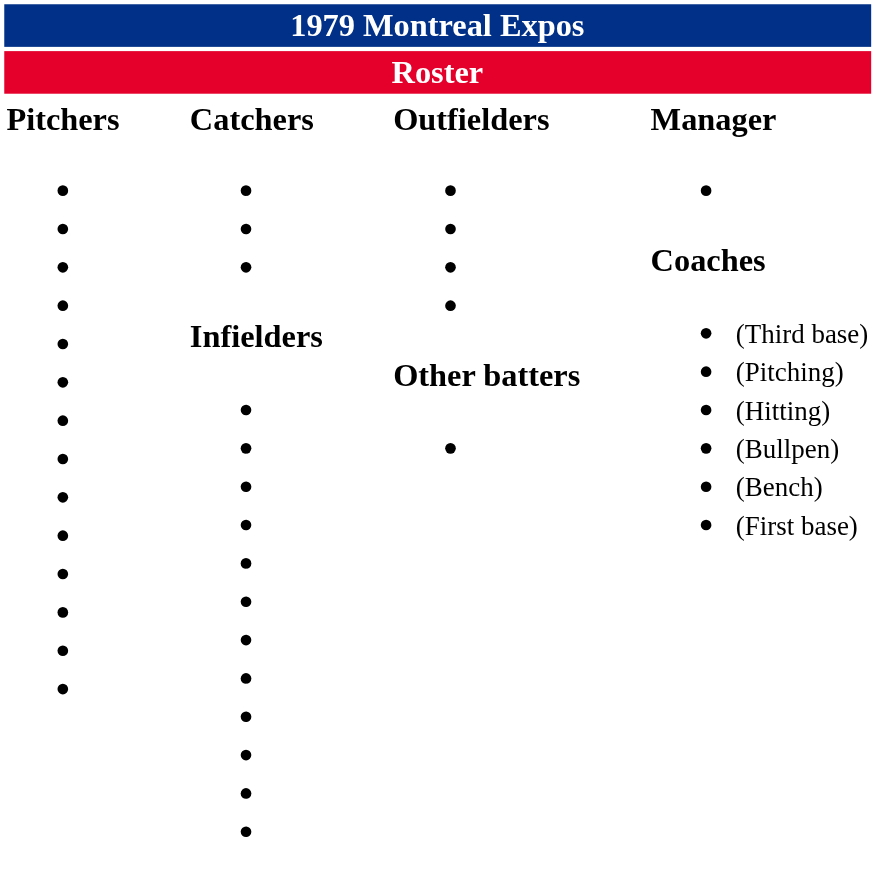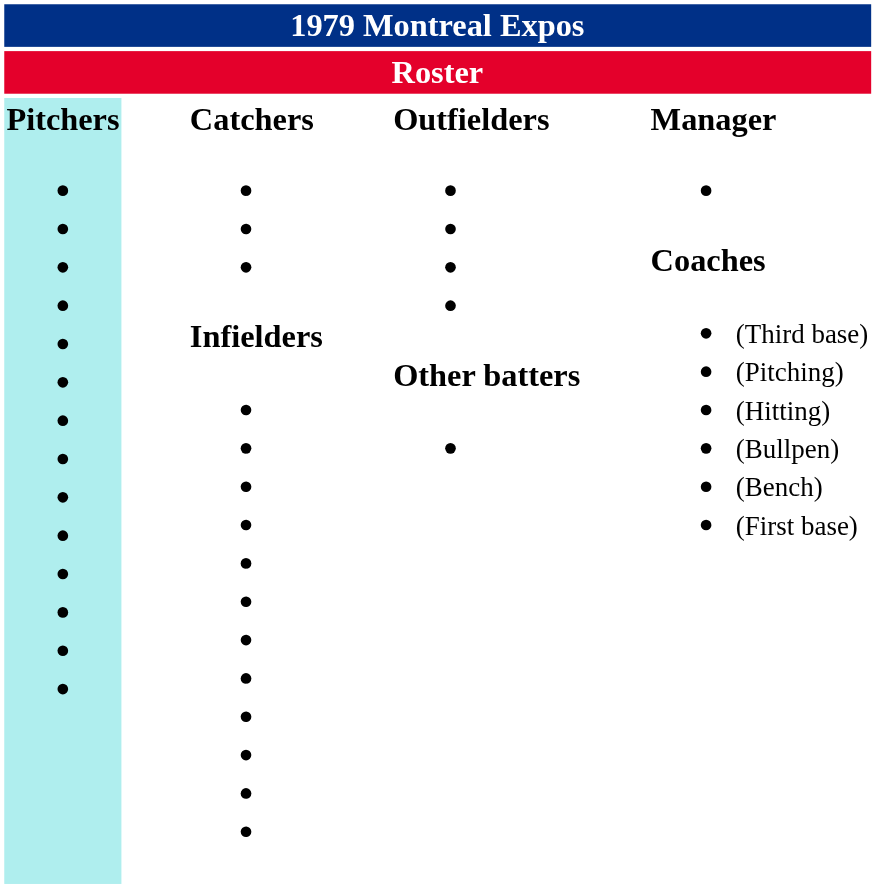 <table class="toccolours" style="font-size: 95%;">
 <tr>
 <th colspan="10" style="background-color: #003087; color: #FFFFFF; text-align: center;">1979 Montreal Expos</th>
 </tr>
 <tr>
 <td colspan="10" style="background-color: #E4002B; color: #FFFFFF; text-align: center;"><strong>Roster</strong></td>
 </tr>
 <tr>
-<td valign="top"><strong>Pitchers</strong><br><ul><li></li><li></li><li></li><li></li><li></li><li></li><li></li><li></li><li></li><li></li><li></li><li></li><li></li><li></li></ul></td>
+<td valign="top" style="background: paleturquoise;"><strong>Pitchers</strong><br><ul><li></li><li></li><li></li><li></li><li></li><li></li><li></li><li></li><li></li><li></li><li></li><li></li><li></li><li></li></ul></td>
 <td width="25px"></td>
 <td valign="top"><strong>Catchers</strong><br><ul><li></li><li></li><li></li></ul><strong>Infielders</strong><ul><li></li><li></li><li></li><li></li><li></li><li></li><li></li><li></li><li></li><li></li><li></li><li></li></ul></td>
 <td width="25px"></td>
 <td valign="top"><strong>Outfielders</strong><br><ul><li></li><li></li><li></li><li></li></ul><strong>Other batters</strong><ul><li></li></ul></td>
 <td width="25px"></td>
 <td valign="top"><strong>Manager</strong><br><ul><li></li></ul><strong>Coaches</strong><ul><li> <small>(Third base)</small></li><li> <small>(Pitching)</small></li><li> <small>(Hitting)</small></li><li> <small>(Bullpen)</small></li><li> <small>(Bench)</small></li><li> <small>(First base)</small></li></ul></td>
 </tr>
 <tr>
 </tr>
 </table>
